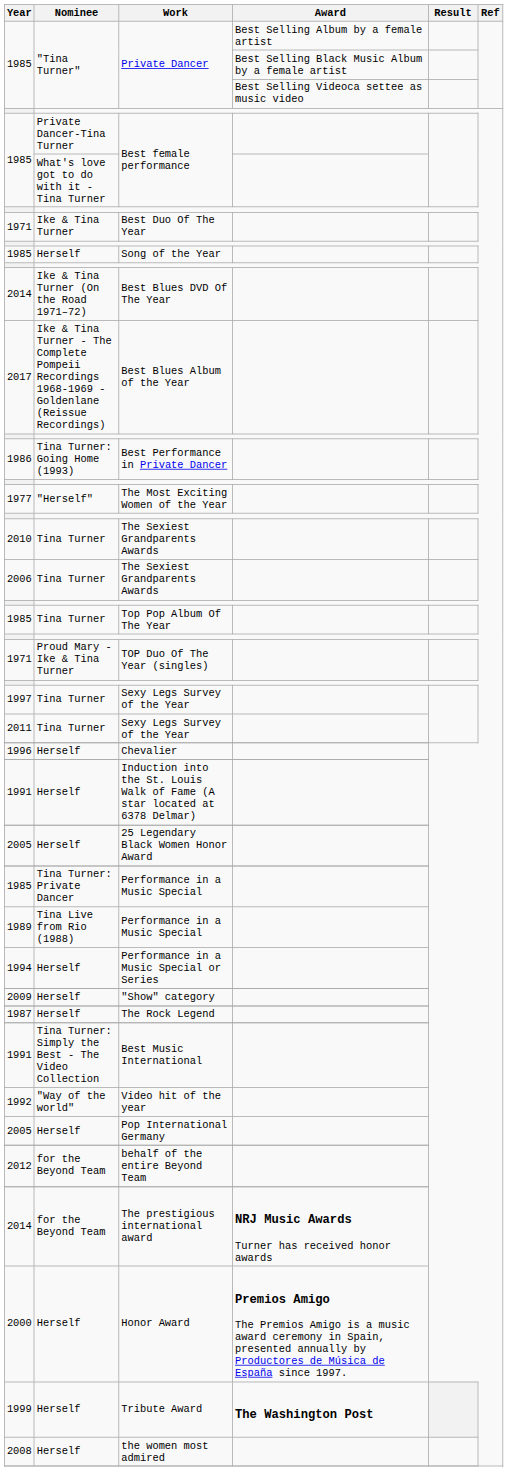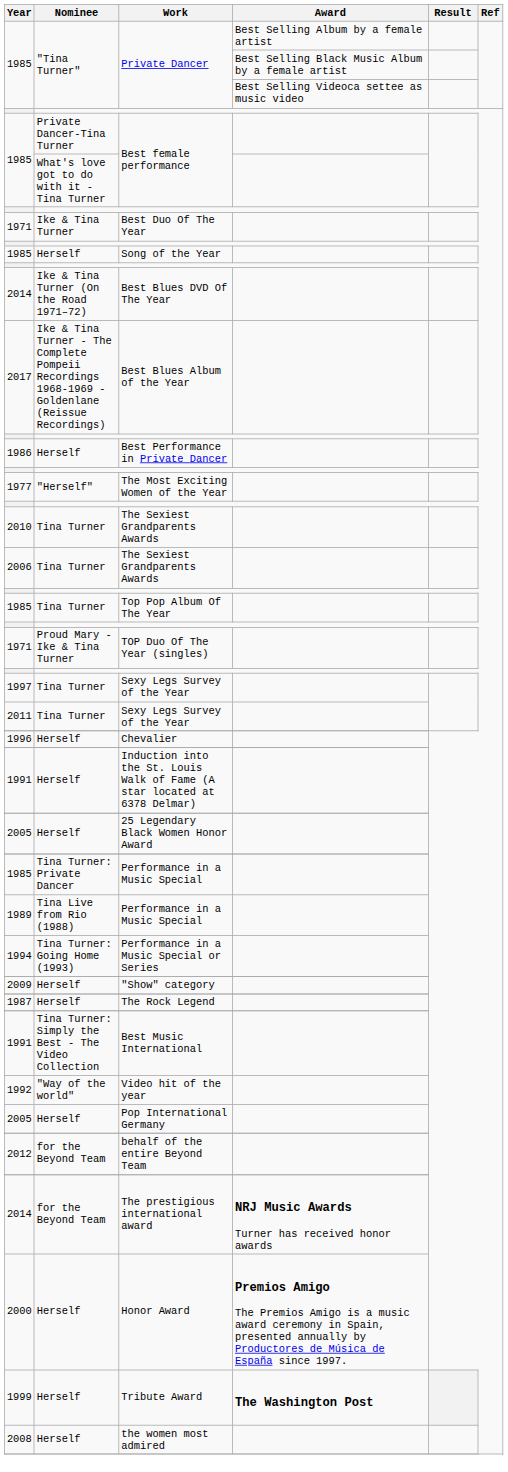 <table class="wikitable" width="100%">
 <tr>
 <th width="5%">Year</th>
 <th width="17%">Nominee</th>
 <th width="23%">Work</th>
 <th width="40%">Award</th>
 <th width="10%">Result</th>
 <th width="5%">Ref</th>
 </tr>
 <tr>
 <td rowspan="3">1985</td>
 <td rowspan="3">"Tina Turner"</td>
 <td rowspan="3"><a href='#'>Private Dancer</a></td>
 <td>Best Selling Album by a female artist</td>
 <td></td>
 <td style="text-align:center;" rowspan="3"></td>
 </tr>
 <tr>
 <td>Best Selling Black Music Album by a female artist</td>
 <td></td>
 </tr>
 <tr>
 <td>Best Selling Videoca settee as music video</td>
 <td></td>
 </tr>
 <tr>
 <th></th>
 </tr>
 <tr>
 <td rowspan="2">1985</td>
 <td>Private Dancer-Tina Turner</td>
 <td rowspan="2">Best female performance</td>
 <td></td>
 <td style="text-align:center;" rowspan="2"></td>
 </tr>
 <tr>
 <td>What's love got to do with it -Tina Turner</td>
 <td></td>
 </tr>
 <tr>
 <th></th>
 </tr>
 <tr>
 <td>1971</td>
 <td>Ike & Tina Turner</td>
 <td>Best Duo Of The Year</td>
 <td></td>
 <td style="text-align:center;" rowspan="1"></td>
 </tr>
 <tr>
 <th></th>
 </tr>
 <tr>
 <td>1985</td>
 <td>Herself</td>
 <td>Song of the Year</td>
 <td></td>
 <td style="text-align:center;" rowspan="1"></td>
 </tr>
 <tr>
 <th></th>
 </tr>
 <tr>
 <td>2014</td>
 <td>Ike & Tina Turner (On the Road 1971–72)</td>
 <td>Best Blues DVD Of The Year</td>
 <td></td>
 <td style="text-align:center;" rowspan="1"></td>
 </tr>
 <tr>
 <td>2017</td>
 <td>Ike & Tina Turner - The Complete Pompeii Recordings 1968-1969 - Goldenlane (Reissue Recordings)</td>
 <td>Best Blues Album of the Year</td>
 <td></td>
 <td style="text-align:center;" rowspan="1"></td>
 </tr>
 <tr>
 <th></th>
 </tr>
 <tr>
 <td>1986</td>
-<td>Tina Turner: Going Home (1993)</td>
+<td>Herself</td>
 <td>Best Performance in <a href='#'>Private Dancer</a></td>
 <td></td>
 <td style="text-align:center;" rowspan="1"></td>
 </tr>
 <tr>
 <th></th>
 </tr>
 <tr>
 <td>1977</td>
 <td>"Herself"</td>
 <td>The Most Exciting Women of the Year</td>
 <td></td>
 <td style="text-align:center;" rowspan="1"></td>
 </tr>
 <tr>
 <th></th>
 </tr>
 <tr>
 <td>2010</td>
 <td>Tina Turner</td>
 <td>The Sexiest Grandparents Awards</td>
 <td></td>
 <td style="text-align:center;" rowspan="1"></td>
 </tr>
 <tr>
 <td>2006</td>
 <td>Tina Turner</td>
 <td>The Sexiest Grandparents Awards</td>
 <td></td>
 <td style="text-align:center;" rowspan="1"></td>
 </tr>
 <tr>
 <th></th>
 </tr>
 <tr>
 <td>1985</td>
 <td>Tina Turner</td>
 <td>Top Pop Album Of The Year</td>
 <td></td>
 <td style="text-align:center;" rowspan="1"></td>
 </tr>
 <tr>
 <th></th>
 </tr>
 <tr>
 <td rowspan="1">1971</td>
 <td>Proud Mary - Ike & Tina Turner</td>
 <td>TOP Duo Of The Year (singles)</td>
 <td></td>
 <td style="text-align:center;" rowspan="1"></td>
 </tr>
 <tr>
 <th></th>
 </tr>
 <tr>
 <td>1997</td>
 <td>Tina Turner</td>
 <td>Sexy Legs Survey of the Year</td>
 <td></td>
 <td style="text-align:center;" rowspan="2"></td>
 </tr>
 <tr>
 <td>2011</td>
 <td>Tina Turner</td>
 <td>Sexy Legs Survey of the Year</td>
 <td></td>
 </tr>
 <tr>
 </tr>
 <tr>
 <td>1996</td>
 <td>Herself</td>
 <td>Chevalier</td>
 <td></td>
 </tr>
 <tr>
 </tr>
 <tr>
 <td>1991</td>
 <td>Herself</td>
 <td>Induction into the St. Louis Walk of Fame (A star located at 6378 Delmar)</td>
 <td></td>
 </tr>
 <tr>
 </tr>
 <tr>
 <td>2005</td>
 <td>Herself</td>
 <td>25 Legendary Black Women Honor Award</td>
 <td></td>
 </tr>
 <tr>
 </tr>
 <tr>
 <td>1985</td>
 <td>Tina Turner: Private Dancer</td>
 <td>Performance in a Music Special</td>
 <td></td>
 </tr>
 <tr>
 <td>1989</td>
 <td>Tina Live from Rio (1988)</td>
 <td>Performance in a Music Special</td>
 <td></td>
 </tr>
 <tr>
 <td>1994</td>
-<td>Herself</td>
+<td>Tina Turner: Going Home (1993)</td>
 <td>Performance in a Music Special or Series</td>
 <td></td>
 </tr>
 <tr>
 </tr>
 <tr>
 <td>2009</td>
 <td>Herself</td>
 <td>"Show" category</td>
 <td></td>
 </tr>
 <tr>
 </tr>
 <tr>
 <td>1987</td>
 <td>Herself</td>
 <td>The Rock Legend</td>
 <td></td>
 </tr>
 <tr>
 </tr>
 <tr>
 <td>1991</td>
 <td>Tina Turner: Simply the Best - The Video Collection</td>
 <td>Best Music International</td>
 <td></td>
 </tr>
 <tr>
 <td>1992</td>
 <td>"Way of the world"</td>
 <td>Video hit of the year</td>
 <td></td>
 </tr>
 <tr>
 <td>2005</td>
 <td>Herself</td>
 <td>Pop International Germany</td>
 <td></td>
 </tr>
 <tr>
 </tr>
 <tr>
 <td>2012</td>
 <td>for the Beyond Team</td>
 <td>behalf of the entire Beyond Team</td>
 <td></td>
 </tr>
 <tr>
 </tr>
 <tr>
 <td>2014</td>
 <td>for the Beyond Team</td>
 <td>The prestigious international award</td>
 <td><br><h3>NRJ Music Awards</h3>Turner has received honor awards </td>
 </tr>
 <tr>
 <td>2000</td>
 <td>Herself</td>
 <td>Honor Award</td>
 <td><br><h3>Premios Amigo</h3>The Premios Amigo is a music award ceremony in Spain, presented annually by <a href='#'>Productores de Música de España</a> since 1997. </td>
 </tr>
 <tr>
 <td>1999</td>
 <td>Herself</td>
 <td>Tribute Award</td>
 <td><br><h3>The Washington Post</h3></td>
 <th></th>
 </tr>
 <tr>
 <td>2008</td>
 <td>Herself</td>
 <td>the women most admired</td>
 <td></td>
 <td style="text-align:center;" rowspan="1"></td>
 </tr>
 <tr>
 </tr>
 </table>
